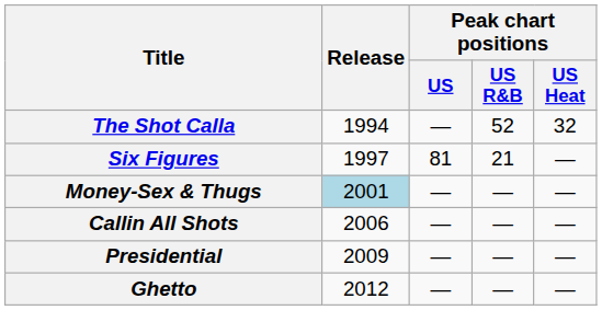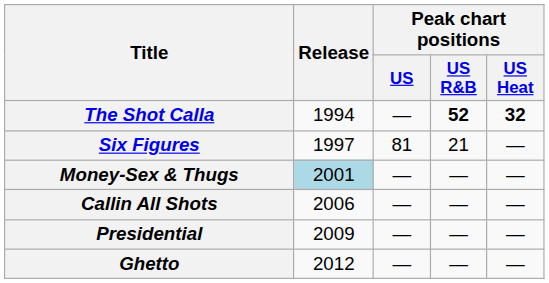 <table class="wikitable plainrowheaders" style="text-align:center;">
 <tr>
 <th rowspan="2" style="width:15em;">Title</th>
 <th rowspan="2">Release</th>
 <th colspan="3">Peak chart positions</th>
 </tr>
 <tr>
 <th scope="col" style="width:2.9em;font-size:90%;"><a href='#'>US</a></th>
 <th scope="col" style="width:2.9em;font-size:90%;"><a href='#'>US R&B</a></th>
 <th scope="col" style="width:2.9em;font-size:90%;"><a href='#'>US Heat</a></th>
 </tr>
 <tr>
 <th scope="row"><em><a href='#'>The Shot Calla</a></em></th>
 <td>1994</td>
 <td align=center>—</td>
-<td align=center>52</td>
-<td align=center>32</td>
+<td align=center><strong>52</strong></td>
+<td align=center><strong>32</strong></td>
 </tr>
 <tr>
 <th scope="row"><em><a href='#'>Six Figures</a></em></th>
 <td>1997</td>
 <td align=center>81</td>
 <td align=center>21</td>
 <td align=center>—</td>
 </tr>
 <tr>
 <th scope="row"><em>Money-Sex & Thugs</em></th>
 <td style="background: lightblue;">2001</td>
 <td align=center>—</td>
 <td align=center>—</td>
 <td align=center>—</td>
 </tr>
 <tr>
 <th scope="row"><em>Callin All Shots</em></th>
 <td>2006</td>
 <td align=center>—</td>
 <td align=center>—</td>
 <td align=center>—</td>
 </tr>
 <tr>
 <th scope="row"><em>Presidential</em></th>
 <td>2009</td>
 <td align=center>—</td>
 <td align=center>—</td>
 <td align=center>—</td>
 </tr>
 <tr>
 <th scope="row"><em>Ghetto</em></th>
 <td>2012</td>
 <td align=center>—</td>
 <td align=center>—</td>
 <td align=center>—</td>
 </tr>
 </table>
